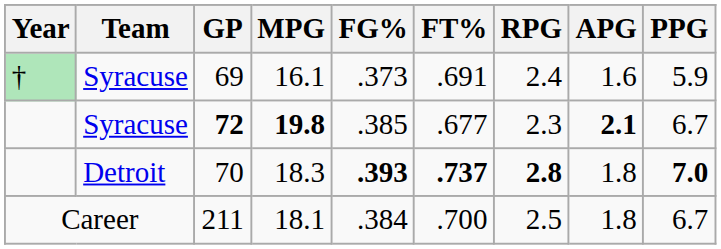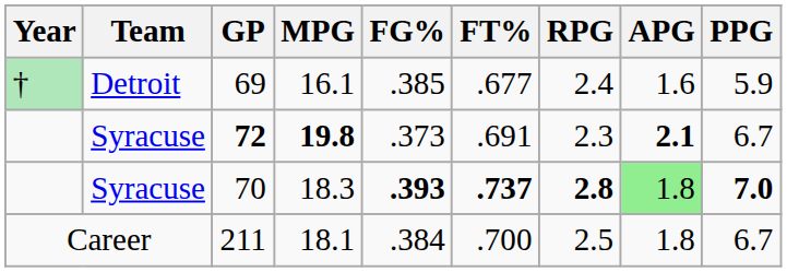 <table class="wikitable sortable" style="font-size:95%; text-align:right;">
 <tr>
 <th>Year</th>
 <th>Team</th>
 <th>GP</th>
 <th>MPG</th>
 <th>FG%</th>
 <th>FT%</th>
 <th>RPG</th>
 <th>APG</th>
 <th>PPG</th>
 </tr>
 <tr>
 <td style="text-align:left;background:#afe6ba;">†</td>
-<td style="text-align:left;"><a href='#'>Syracuse</a></td>
+<td style="text-align:left;"><a href='#'>Detroit</a></td>
 <td>69</td>
 <td>16.1</td>
-<td>.373</td>
-<td>.691</td>
+<td>.385</td>
+<td>.677</td>
 <td>2.4</td>
 <td>1.6</td>
 <td>5.9</td>
 </tr>
 <tr>
 <td style="text-align:left;"></td>
 <td style="text-align:left;"><a href='#'>Syracuse</a></td>
 <td><strong>72</strong></td>
 <td><strong>19.8</strong></td>
-<td>.385</td>
-<td>.677</td>
+<td>.373</td>
+<td>.691</td>
 <td>2.3</td>
 <td><strong>2.1</strong></td>
 <td>6.7</td>
 </tr>
 <tr>
 <td style="text-align:left;"></td>
-<td style="text-align:left;"><a href='#'>Detroit</a></td>
+<td style="text-align:left;"><a href='#'>Syracuse</a></td>
 <td>70</td>
 <td>18.3</td>
 <td><strong>.393</strong></td>
 <td><strong>.737</strong></td>
 <td><strong>2.8</strong></td>
-<td>1.8</td>
+<td style="background: lightgreen;">1.8</td>
 <td><strong>7.0</strong></td>
 </tr>
 <tr class="sortbottom">
 <td style="text-align:center;" colspan="2">Career</td>
 <td>211</td>
 <td>18.1</td>
 <td>.384</td>
 <td>.700</td>
 <td>2.5</td>
 <td>1.8</td>
 <td>6.7</td>
 </tr>
 </table>
